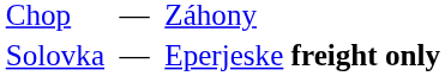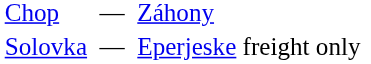 <table>
 <tr>
 <td><a href='#'>Chop</a></td>
 <td></td>
 <td>—</td>
 <td></td>
 <td><a href='#'>Záhony</a></td>
 <td></td>
 </tr>
 <tr>
 <td><a href='#'>Solovka</a></td>
 <td></td>
 <td>—</td>
 <td></td>
 <td><a href='#'>Eperjeske</a></td>
-<td><strong>freight only</strong></td>
+<td>freight only</td>
 </tr>
 </table>
